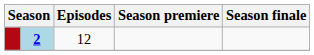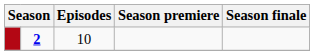 <table class="wikitable">
 <tr>
 <th colspan="2">Season</th>
 <th>Episodes</th>
 <th>Season premiere</th>
 <th>Season finale</th>
 </tr>
 <tr>
 <td style="background:#B30714; height:5px;"></td>
-<td style="background: lightblue; text-align:center;"><strong><a href='#'>2</a></strong></td>
-<td style="text-align:center;">12</td>
+<td style="text-align:center;"><strong><a href='#'>2</a></strong></td>
+<td style="text-align:center;">10</td>
 <td style="text-align:center;"></td>
 <td style="text-align:center;"></td>
 </tr>
 <tr>
 </tr>
 </table>
